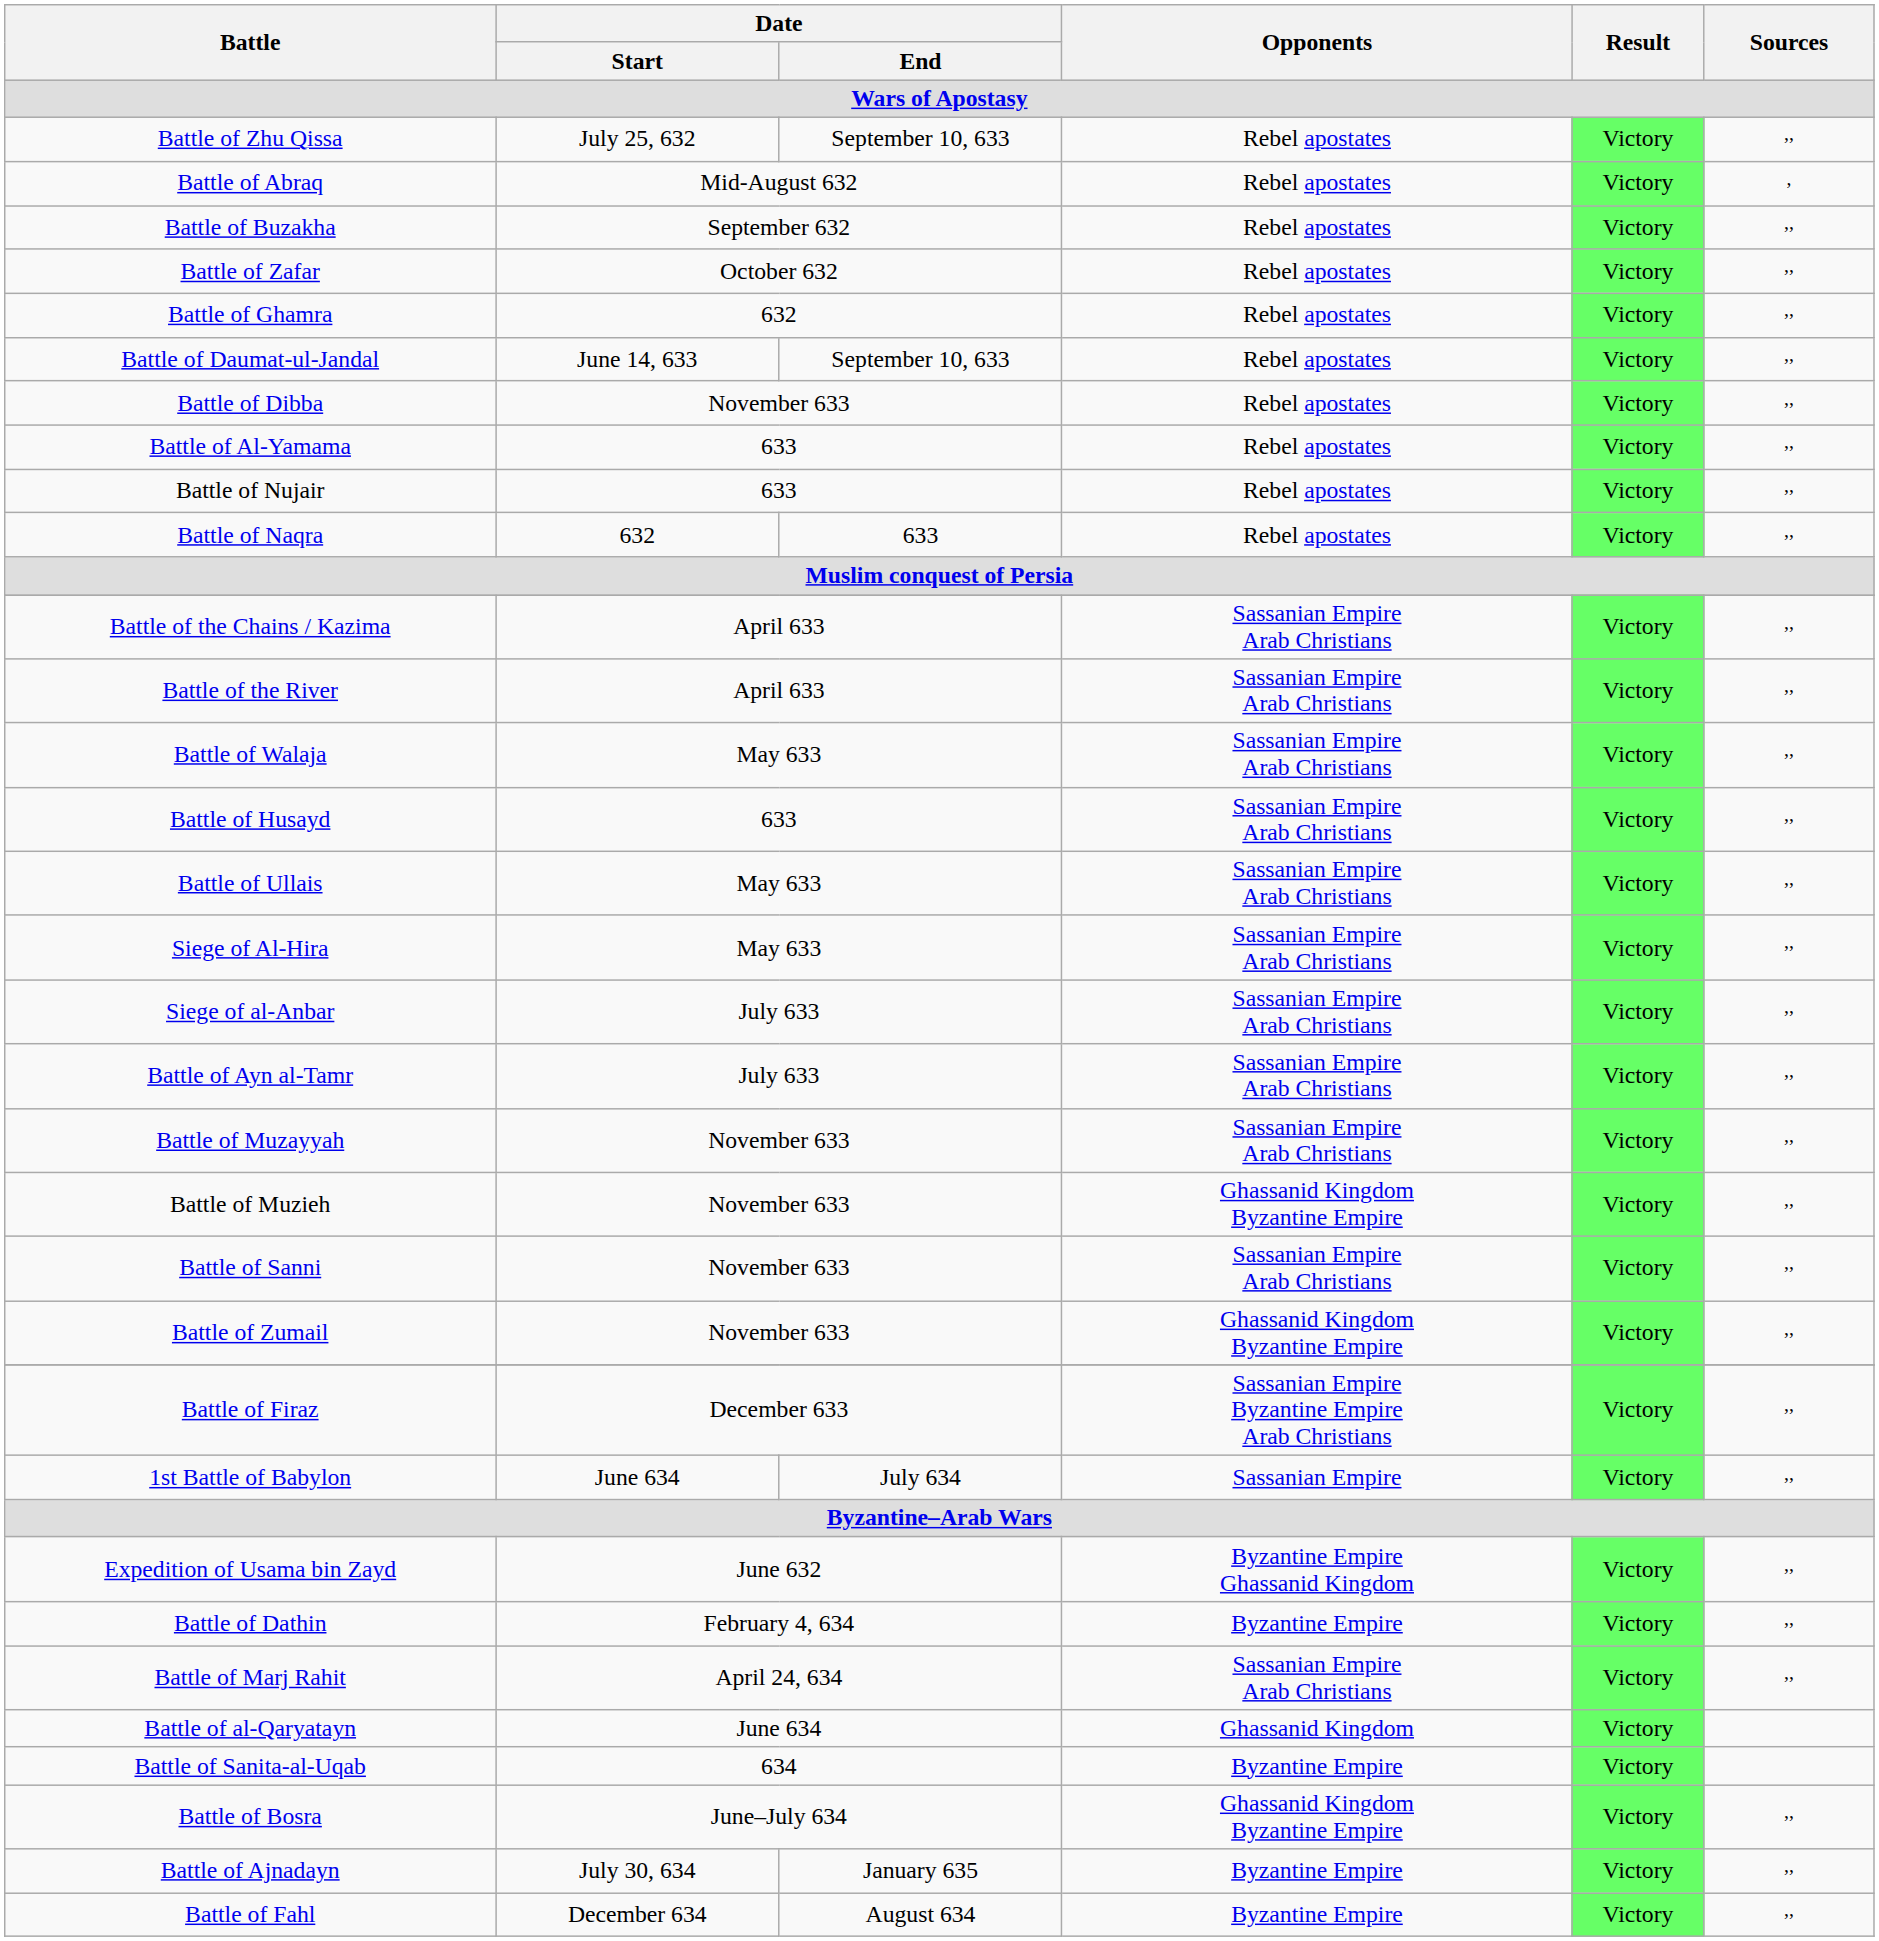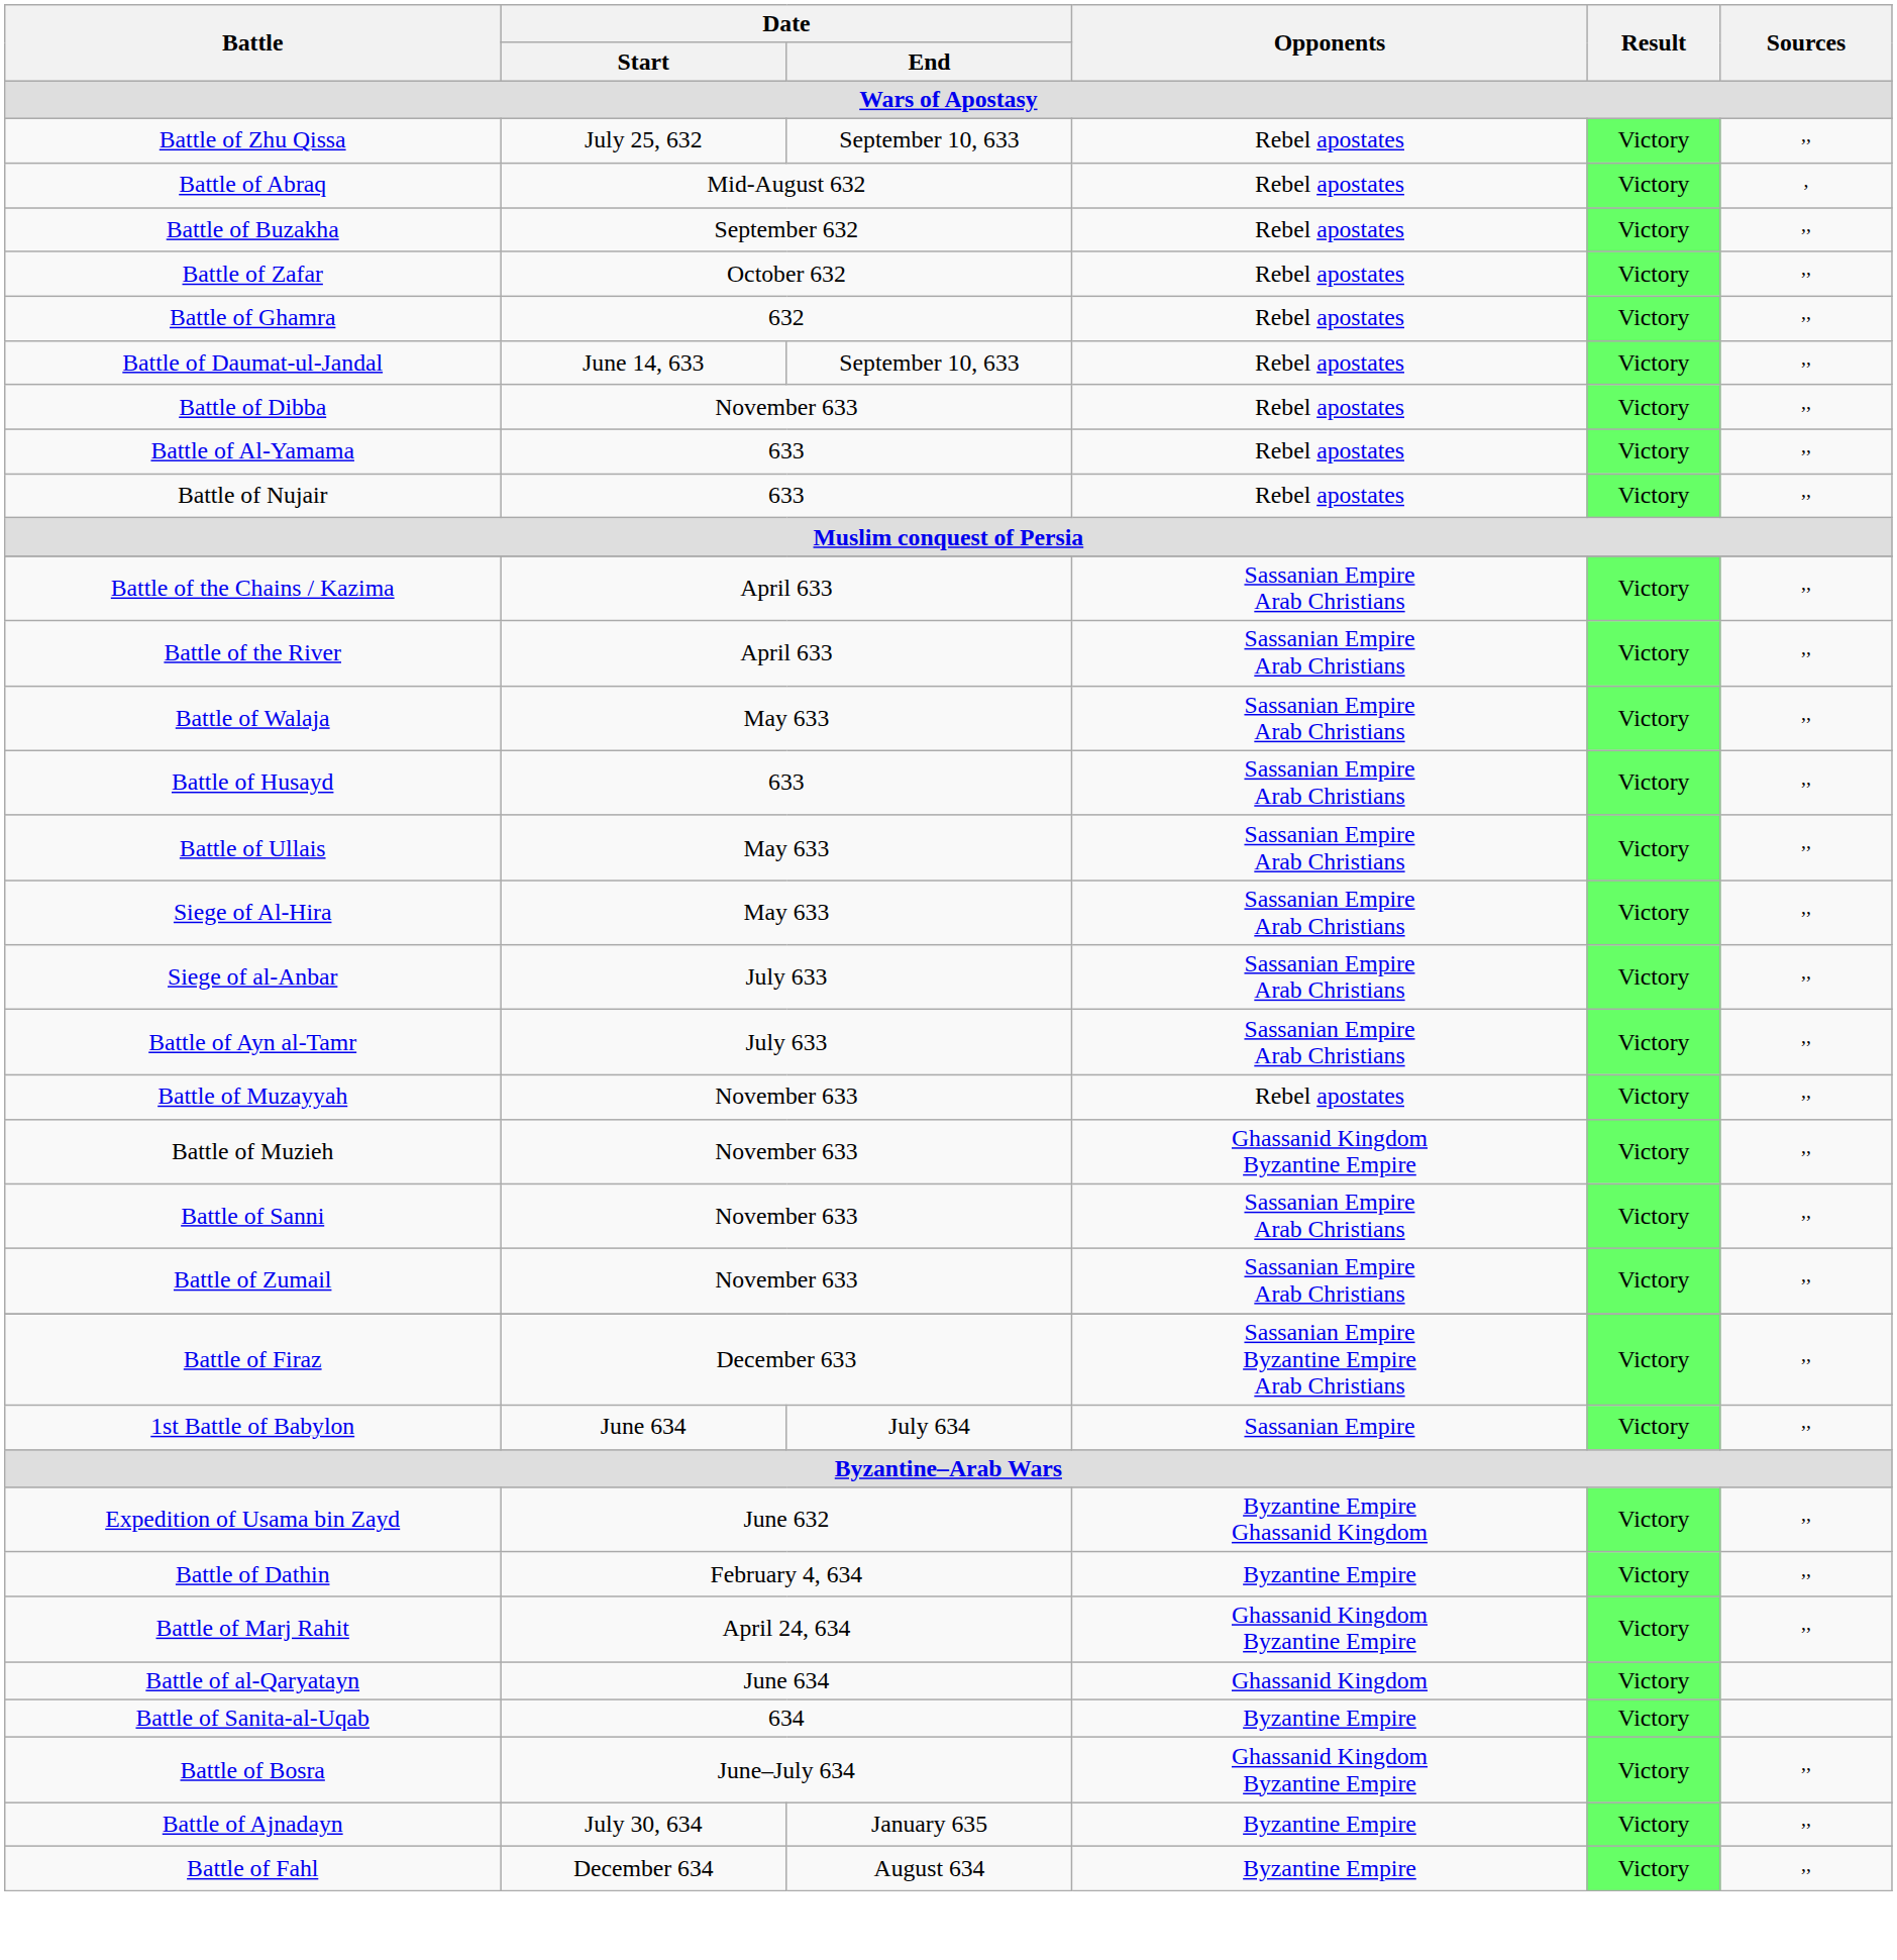 <table width=100% class="wikitable">
 <tr>
 <th rowspan="2" width=26%>Battle</th>
 <th colspan="2" width=30%>Date</th>
 <th rowspan="2" width=27%>Opponents</th>
 <th rowspan="2" width=7%>Result</th>
 <th rowspan="2" width=9%>Sources</th>
 </tr>
 <tr>
 <th width=15%>Start</th>
 <th width=15%>End</th>
 </tr>
 <tr>
 <td colspan="6" align="center" bgcolor="#DEDEDE"><strong><a href='#'>Wars of Apostasy</a></strong></td>
 </tr>
 <tr>
 <td align="center"><a href='#'>Battle of Zhu Qissa</a></td>
 <td align="center">July 25, 632</td>
 <td align="center">September 10, 633</td>
 <td align="center">Rebel <a href='#'>apostates</a></td>
 <td align="center" style="background:#66FF66">Victory</td>
 <td align="center"><sup>,</sup><sup>,</sup></td>
 </tr>
 <tr>
 <td align="center"><a href='#'>Battle of Abraq</a></td>
 <td colspan="2" align="center">Mid-August 632</td>
 <td align="center">Rebel <a href='#'>apostates</a></td>
 <td align="center" style="background:#66FF66">Victory</td>
 <td align="center"><sup>,</sup></td>
 </tr>
 <tr>
 <td align="center"><a href='#'>Battle of Buzakha</a></td>
 <td colspan="2" align="center">September 632</td>
 <td align="center">Rebel <a href='#'>apostates</a></td>
 <td align="center" style="background:#66FF66">Victory</td>
 <td align="center"><sup>,</sup><sup>,</sup></td>
 </tr>
 <tr>
 <td align="center"><a href='#'>Battle of Zafar</a></td>
 <td colspan="2" align="center">October 632</td>
 <td align="center">Rebel <a href='#'>apostates</a></td>
 <td align="center" style="background:#66FF66">Victory</td>
 <td align="center"><sup>,</sup><sup>,</sup></td>
 </tr>
 <tr>
 <td align="center"><a href='#'>Battle of Ghamra</a></td>
 <td colspan="2" align="center">632</td>
 <td align="center">Rebel <a href='#'>apostates</a></td>
 <td align="center" style="background:#66FF66">Victory</td>
 <td align="center"><sup>,</sup><sup>,</sup></td>
 </tr>
 <tr>
 <td align="center"><a href='#'>Battle of Daumat-ul-Jandal</a></td>
 <td align="center">June 14, 633</td>
 <td align="center">September 10, 633</td>
 <td align="center">Rebel <a href='#'>apostates</a></td>
 <td align="center" style="background:#66FF66">Victory</td>
 <td align="center"><sup>,</sup><sup>,</sup></td>
 </tr>
 <tr>
 <td align="center"><a href='#'>Battle of Dibba</a></td>
 <td colspan="2" align="center">November 633</td>
 <td align="center">Rebel <a href='#'>apostates</a></td>
 <td align="center" style="background:#66FF66">Victory</td>
 <td align="center"><sup>,</sup><sup>,</sup></td>
 </tr>
 <tr>
 <td align="center"><a href='#'>Battle of Al-Yamama</a></td>
 <td colspan="2" align="center">633</td>
 <td align="center">Rebel <a href='#'>apostates</a></td>
 <td align="center" style="background:#66FF66">Victory</td>
 <td align="center"><sup>,</sup><sup>,</sup></td>
 </tr>
 <tr>
 <td align="center">Battle of Nujair</td>
 <td colspan="2" align="center">633</td>
 <td align="center">Rebel <a href='#'>apostates</a></td>
 <td align="center" style="background:#66FF66">Victory</td>
 <td align="center"><sup>,</sup><sup>,</sup></td>
 </tr>
 <tr>
-<td align="center"><a href='#'>Battle of Naqra</a></td>
-<td align="center">632</td>
-<td align="center">633</td>
-<td align="center">Rebel <a href='#'>apostates</a></td>
-<td align="center" style="background:#66FF66">Victory</td>
-<td align="center"><sup>,</sup><sup>,</sup></td>
-</tr>
-<tr>
 <td colspan="6" align="center" bgcolor="#DEDEDE"><strong><a href='#'>Muslim conquest of Persia</a></strong></td>
 </tr>
 <tr>
 </tr>
 <tr>
 <td align="center"><a href='#'>Battle of the Chains / Kazima</a></td>
 <td colspan="2" align="center">April 633</td>
 <td align="center"> <a href='#'>Sassanian Empire</a><br> <a href='#'>Arab Christians</a></td>
 <td align="center" style="background:#66FF66">Victory</td>
 <td align="center"><sup>,</sup><sup>,</sup></td>
 </tr>
 <tr>
 <td align="center"><a href='#'>Battle of the River</a></td>
 <td colspan="2" align="center">April 633</td>
 <td align="center"> <a href='#'>Sassanian Empire</a><br> <a href='#'>Arab Christians</a></td>
 <td align="center" style="background:#66FF66">Victory</td>
 <td align="center"><sup>,</sup><sup>,</sup></td>
 </tr>
 <tr>
 <td align="center"><a href='#'>Battle of Walaja</a></td>
 <td colspan="2" align="center">May 633</td>
 <td align="center"> <a href='#'>Sassanian Empire</a><br> <a href='#'>Arab Christians</a></td>
 <td align="center" style="background:#66FF66">Victory</td>
 <td align="center"><sup>,</sup><sup>,</sup></td>
 </tr>
 <tr>
 <td align="center"><a href='#'>Battle of Husayd</a></td>
 <td colspan="2" align="center">633</td>
 <td align="center"> <a href='#'>Sassanian Empire</a><br> <a href='#'>Arab Christians</a></td>
 <td align="center" style="background:#66FF66">Victory</td>
 <td align="center"><sup>,</sup><sup>,</sup></td>
 </tr>
 <tr>
 <td align="center"><a href='#'>Battle of Ullais</a></td>
 <td colspan="2" align="center">May 633</td>
 <td align="center"> <a href='#'>Sassanian Empire</a><br> <a href='#'>Arab Christians</a></td>
 <td align="center" style="background:#66FF66">Victory</td>
 <td align="center"><sup>,</sup><sup>,</sup></td>
 </tr>
 <tr>
 <td align="center"><a href='#'>Siege of Al-Hira</a></td>
 <td colspan="2" align="center">May 633</td>
 <td align="center"> <a href='#'>Sassanian Empire</a><br> <a href='#'>Arab Christians</a></td>
 <td align="center" style="background:#66FF66">Victory</td>
 <td align="center"><sup>,</sup><sup>,</sup></td>
 </tr>
 <tr>
 <td align="center"><a href='#'>Siege of al-Anbar</a></td>
 <td colspan="2" align="center">July 633</td>
 <td align="center"> <a href='#'>Sassanian Empire</a><br> <a href='#'>Arab Christians</a></td>
 <td align="center" style="background:#66FF66">Victory</td>
 <td align="center"><sup>,</sup><sup>,</sup></td>
 </tr>
 <tr>
 <td align="center"><a href='#'>Battle of Ayn al-Tamr</a></td>
 <td colspan="2" align="center">July 633</td>
 <td align="center"> <a href='#'>Sassanian Empire</a><br> <a href='#'>Arab Christians</a></td>
 <td align="center" style="background:#66FF66">Victory</td>
 <td align="center"><sup>,</sup><sup>,</sup></td>
 </tr>
 <tr>
 <td align="center"><a href='#'>Battle of Muzayyah</a></td>
 <td colspan="2" align="center">November 633</td>
-<td align="center"> <a href='#'>Sassanian Empire</a><br> <a href='#'>Arab Christians</a></td>
+<td align="center">Rebel <a href='#'>apostates</a></td>
 <td align="center" style="background:#66FF66">Victory</td>
 <td align="center"><sup>,</sup><sup>,</sup></td>
 </tr>
 <tr>
 <td align="center">Battle of Muzieh</td>
 <td colspan="2" align="center">November 633</td>
 <td align="center"> <a href='#'>Ghassanid Kingdom</a><br> <a href='#'>Byzantine Empire</a></td>
 <td align="center" style="background:#66FF66">Victory</td>
 <td align="center"><sup>,</sup><sup>,</sup></td>
 </tr>
 <tr>
 <td align="center"><a href='#'>Battle of Sanni</a></td>
 <td colspan="2" align="center">November 633</td>
 <td align="center"> <a href='#'>Sassanian Empire</a><br> <a href='#'>Arab Christians</a></td>
 <td align="center" style="background:#66FF66">Victory</td>
 <td align="center"><sup>,</sup><sup>,</sup></td>
 </tr>
 <tr>
 <td align="center"><a href='#'>Battle of Zumail</a></td>
 <td colspan="2" align="center">November 633</td>
-<td align="center"> <a href='#'>Ghassanid Kingdom</a><br> <a href='#'>Byzantine Empire</a></td>
+<td align="center"> <a href='#'>Sassanian Empire</a><br> <a href='#'>Arab Christians</a></td>
 <td align="center" style="background:#66FF66">Victory</td>
 <td align="center"><sup>,</sup><sup>,</sup></td>
 </tr>
 <tr>
 </tr>
 <tr>
 <td align="center"><a href='#'>Battle of Firaz</a></td>
 <td colspan="2" align="center">December 633</td>
 <td align="center"> <a href='#'>Sassanian Empire</a><br> <a href='#'>Byzantine Empire</a><br> <a href='#'>Arab Christians</a></td>
 <td align="center" style="background:#66FF66">Victory</td>
 <td align="center"><sup>,</sup><sup>,</sup></td>
 </tr>
 <tr>
 <td align="center"><a href='#'>1st Battle of Babylon</a></td>
 <td align="center">June 634</td>
 <td align="center">July 634</td>
 <td align="center"> <a href='#'>Sassanian Empire</a></td>
 <td align="center" style="background:#66FF66">Victory</td>
 <td align="center"><sup>,</sup><sup>,</sup></td>
 </tr>
 <tr>
 <td colspan="6" align="center" bgcolor="#DEDEDE"><strong><a href='#'>Byzantine–Arab Wars</a></strong></td>
 </tr>
 <tr>
 <td align="center"><a href='#'>Expedition of Usama bin Zayd</a></td>
 <td colspan="2" align="center">June 632</td>
 <td align="center"> <a href='#'>Byzantine Empire</a> <br> <a href='#'>Ghassanid Kingdom</a></td>
 <td align="center" style="background:#66FF66">Victory</td>
 <td align="center"><sup>,</sup><sup>,</sup></td>
 </tr>
 <tr>
 <td align="center"><a href='#'>Battle of Dathin</a></td>
 <td colspan="2" align="center">February 4, 634</td>
 <td align="center"> <a href='#'>Byzantine Empire</a></td>
 <td align="center" style="background:#66FF66">Victory</td>
 <td align="center"><sup>,</sup><sup>,</sup></td>
 </tr>
 <tr>
 <td align="center"><a href='#'>Battle of Marj Rahit</a></td>
 <td colspan="2" align="center">April 24, 634</td>
-<td align="center"> <a href='#'>Sassanian Empire</a><br> <a href='#'>Arab Christians</a></td>
+<td align="center"> <a href='#'>Ghassanid Kingdom</a><br> <a href='#'>Byzantine Empire</a></td>
 <td align="center" style="background:#66FF66">Victory</td>
 <td align="center"><sup>,</sup><sup>,</sup></td>
 </tr>
 <tr>
 <td align="center"><a href='#'>Battle of al-Qaryatayn</a></td>
 <td colspan="2" align="center">June 634</td>
 <td align="center"> <a href='#'>Ghassanid Kingdom</a><br></td>
 <td align="center" style="background:#66FF66">Victory</td>
 <td align="center"></td>
 </tr>
 <tr>
 <td align="center"><a href='#'>Battle of Sanita-al-Uqab</a></td>
 <td colspan="2" align="center">634</td>
 <td align="center"> <a href='#'>Byzantine Empire</a><br></td>
 <td align="center" style="background:#66FF66">Victory</td>
 <td align="center"></td>
 </tr>
 <tr>
 <td align="center"><a href='#'>Battle of Bosra</a></td>
 <td colspan="2" align="center">June–July 634</td>
 <td align="center"> <a href='#'>Ghassanid Kingdom</a><br> <a href='#'>Byzantine Empire</a></td>
 <td align="center" style="background:#66FF66">Victory</td>
 <td align="center"><sup>,</sup><sup>,</sup></td>
 </tr>
 <tr>
 <td align="center"><a href='#'>Battle of Ajnadayn</a></td>
 <td align="center">July 30, 634</td>
 <td align="center">January 635</td>
 <td align="center"> <a href='#'>Byzantine Empire</a></td>
 <td align="center" style="background:#66FF66">Victory</td>
 <td align="center"><sup>,</sup><sup>,</sup></td>
 </tr>
 <tr>
 <td align="center"><a href='#'>Battle of Fahl</a></td>
 <td align="center">December 634</td>
 <td align="center">August 634</td>
 <td align="center"> <a href='#'>Byzantine Empire</a></td>
 <td align="center" style="background:#66FF66">Victory</td>
 <td align="center"><sup>,</sup><sup>,</sup></td>
 </tr>
 </table>
